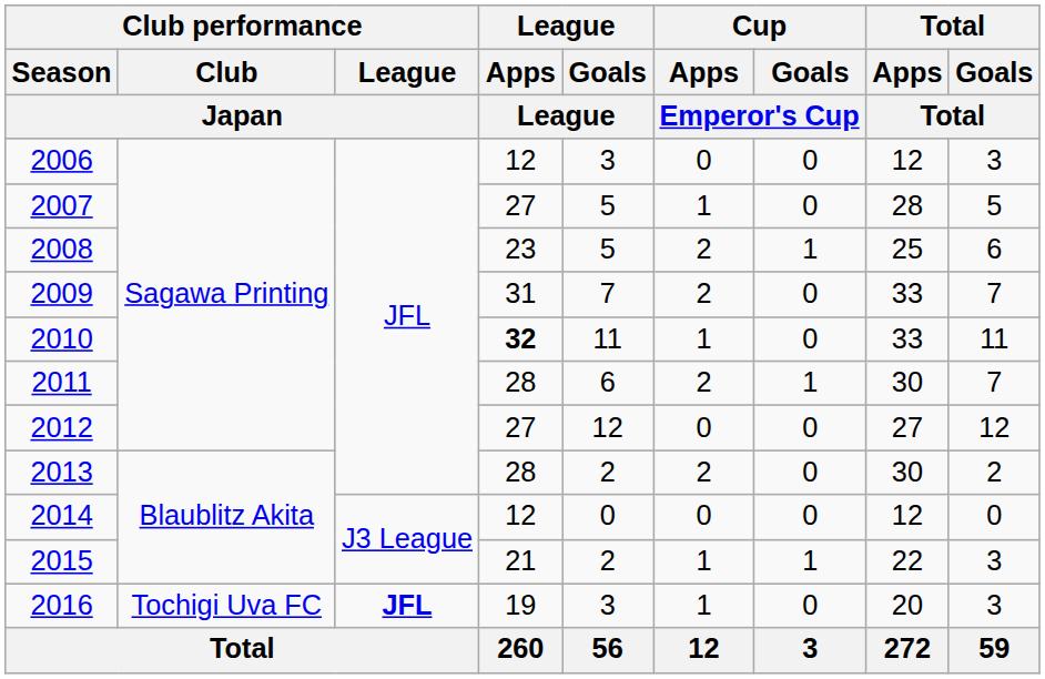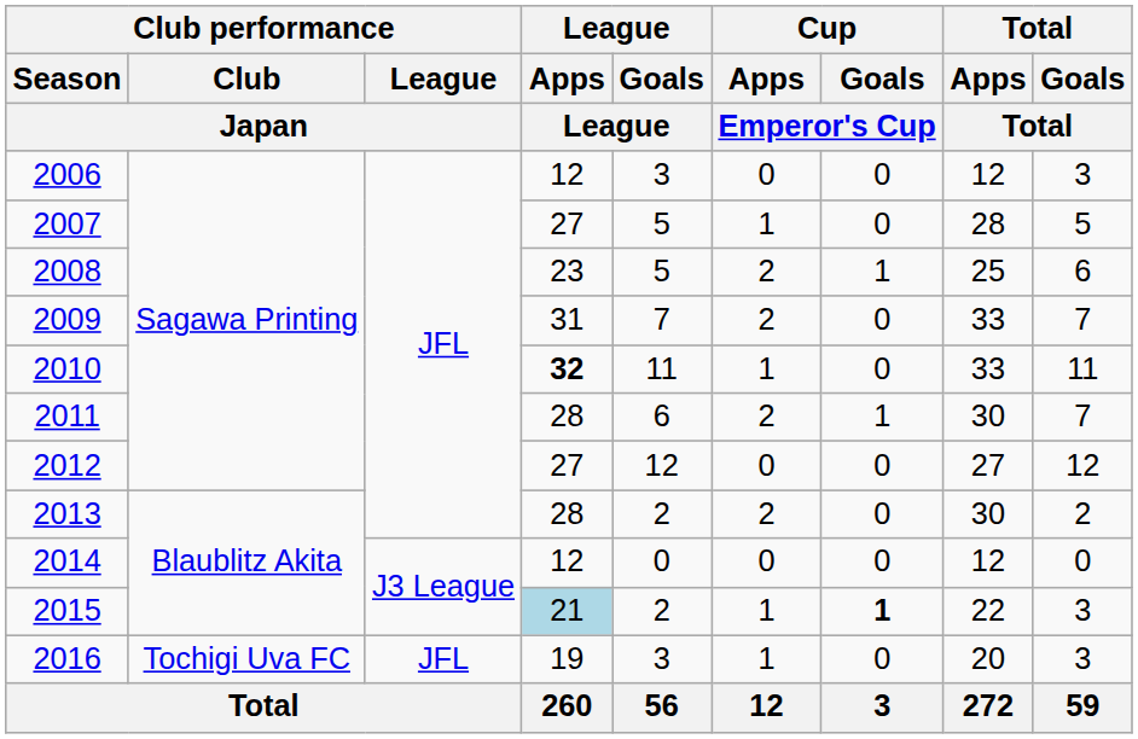 <table class="wikitable" style="text-align:center;">
 <tr>
 <th colspan=3>Club performance</th>
 <th colspan=2>League</th>
 <th colspan=2>Cup</th>
 <th colspan=2>Total</th>
 </tr>
 <tr>
 <th>Season</th>
 <th>Club</th>
 <th>League</th>
 <th>Apps</th>
 <th>Goals</th>
 <th>Apps</th>
 <th>Goals</th>
 <th>Apps</th>
 <th>Goals</th>
 </tr>
 <tr>
 <th colspan=3>Japan</th>
 <th colspan=2>League</th>
 <th colspan=2><a href='#'>Emperor's Cup</a></th>
 <th colspan=2>Total</th>
 </tr>
 <tr>
 <td><a href='#'>2006</a></td>
 <td rowspan="7"><a href='#'>Sagawa Printing</a></td>
 <td rowspan="8"><a href='#'>JFL</a></td>
 <td>12</td>
 <td>3</td>
 <td>0</td>
 <td>0</td>
 <td>12</td>
 <td>3</td>
 </tr>
 <tr>
 <td><a href='#'>2007</a></td>
 <td>27</td>
 <td>5</td>
 <td>1</td>
 <td>0</td>
 <td>28</td>
 <td>5</td>
 </tr>
 <tr>
 <td><a href='#'>2008</a></td>
 <td>23</td>
 <td>5</td>
 <td>2</td>
 <td>1</td>
 <td>25</td>
 <td>6</td>
 </tr>
 <tr>
 <td><a href='#'>2009</a></td>
 <td>31</td>
 <td>7</td>
 <td>2</td>
 <td>0</td>
 <td>33</td>
 <td>7</td>
 </tr>
 <tr>
 <td><a href='#'>2010</a></td>
 <td><strong>32</strong></td>
 <td>11</td>
 <td>1</td>
 <td>0</td>
 <td>33</td>
 <td>11</td>
 </tr>
 <tr>
 <td><a href='#'>2011</a></td>
 <td>28</td>
 <td>6</td>
 <td>2</td>
 <td>1</td>
 <td>30</td>
 <td>7</td>
 </tr>
 <tr>
 <td><a href='#'>2012</a></td>
 <td>27</td>
 <td>12</td>
 <td>0</td>
 <td>0</td>
 <td>27</td>
 <td>12</td>
 </tr>
 <tr>
 <td><a href='#'>2013</a></td>
 <td rowspan="3"><a href='#'>Blaublitz Akita</a></td>
 <td>28</td>
 <td>2</td>
 <td>2</td>
 <td>0</td>
 <td>30</td>
 <td>2</td>
 </tr>
 <tr>
 <td><a href='#'>2014</a></td>
 <td rowspan="2"><a href='#'>J3 League</a></td>
 <td>12</td>
 <td>0</td>
 <td>0</td>
 <td>0</td>
 <td>12</td>
 <td>0</td>
 </tr>
 <tr>
 <td><a href='#'>2015</a></td>
-<td>21</td>
+<td style="background: lightblue;">21</td>
 <td>2</td>
 <td>1</td>
-<td>1</td>
+<td><strong>1</strong></td>
 <td>22</td>
 <td>3</td>
 </tr>
 <tr>
 <td><a href='#'>2016</a></td>
 <td rowspan="1"><a href='#'>Tochigi Uva FC</a></td>
-<td rowspan="1"><strong><a href='#'>JFL</a></strong></td>
+<td rowspan="1"><a href='#'>JFL</a></td>
 <td>19</td>
 <td>3</td>
 <td>1</td>
 <td>0</td>
 <td>20</td>
 <td>3</td>
 </tr>
 <tr>
 <th colspan=3>Total</th>
 <th>260</th>
 <th>56</th>
 <th>12</th>
 <th>3</th>
 <th>272</th>
 <th>59</th>
 </tr>
 </table>
